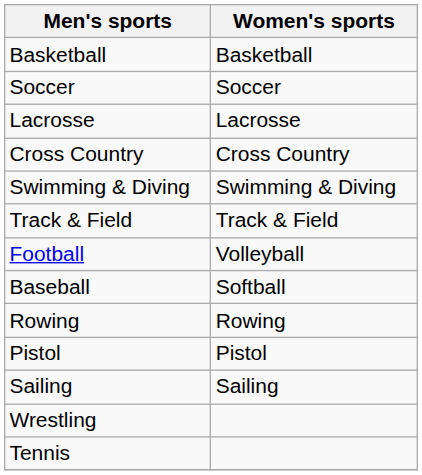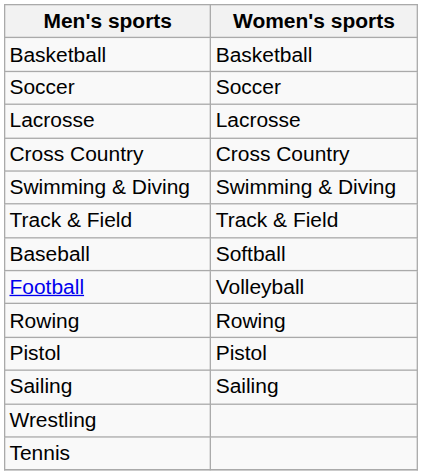 <table class="wikitable"; style= "text-align: ">
 <tr>
 <th width=150px>Men's sports</th>
 <th width=150px>Women's sports</th>
 </tr>
 <tr>
 <td>Basketball</td>
 <td>Basketball</td>
 </tr>
 <tr>
 <td>Soccer</td>
 <td>Soccer</td>
 </tr>
 <tr>
 <td>Lacrosse</td>
 <td>Lacrosse</td>
 </tr>
 <tr>
 <td>Cross Country</td>
 <td>Cross Country</td>
 </tr>
 <tr>
 <td>Swimming & Diving</td>
 <td>Swimming & Diving</td>
 </tr>
 <tr>
 <td>Track & Field</td>
 <td>Track & Field</td>
 </tr>
 <tr>
+<td>Baseball</td>
+<td>Softball</td>
+</tr>
+<tr>
 <td><a href='#'>Football</a></td>
 <td>Volleyball</td>
-</tr>
-<tr>
-<td>Baseball</td>
-<td>Softball</td>
 </tr>
 <tr>
 <td>Rowing</td>
 <td>Rowing</td>
 </tr>
 <tr>
 <td>Pistol</td>
 <td>Pistol</td>
 </tr>
 <tr>
 <td>Sailing</td>
 <td>Sailing</td>
 </tr>
 <tr>
 <td>Wrestling</td>
 <td></td>
 </tr>
 <tr>
 <td>Tennis</td>
 <td></td>
 </tr>
 <tr>
 </tr>
 </table>
